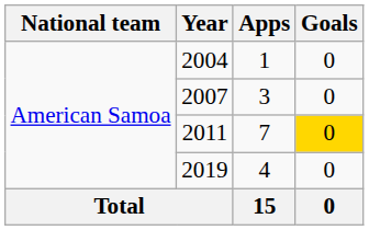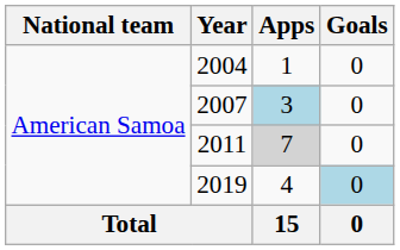 <table class="wikitable" style="text-align:center">
 <tr>
 <th>National team</th>
 <th>Year</th>
 <th>Apps</th>
 <th>Goals</th>
 </tr>
 <tr>
 <td rowspan="4"><a href='#'>American Samoa</a></td>
 <td>2004</td>
 <td>1</td>
 <td>0</td>
 </tr>
 <tr>
 <td>2007</td>
-<td>3</td>
+<td style="background: lightblue;">3</td>
 <td>0</td>
 </tr>
 <tr>
 <td>2011</td>
-<td>7</td>
-<td style="background: gold;">0</td>
+<td style="background: lightgrey;">7</td>
+<td>0</td>
 </tr>
 <tr>
 <td>2019</td>
 <td>4</td>
-<td>0</td>
+<td style="background: lightblue;">0</td>
 </tr>
 <tr>
 <th colspan="2">Total</th>
 <th>15</th>
 <th>0</th>
 </tr>
 </table>
